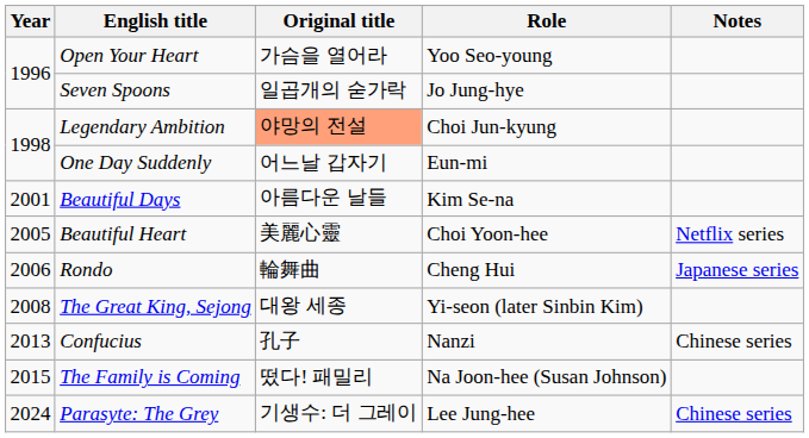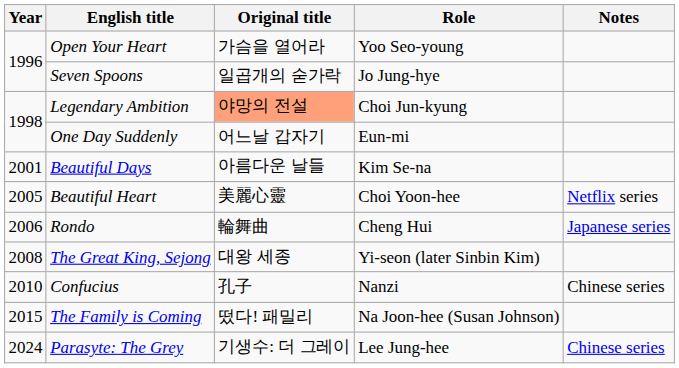 <table class="wikitable sortable">
 <tr>
 <th>Year</th>
 <th>English title</th>
 <th>Original title</th>
 <th>Role</th>
 <th>Notes</th>
 </tr>
 <tr>
 <td rowspan="2">1996</td>
 <td><em>Open Your Heart</em></td>
 <td>가슴을 열어라</td>
 <td>Yoo Seo-young</td>
 <td></td>
 </tr>
 <tr>
 <td><em>Seven Spoons</em></td>
 <td>일곱개의 숟가락</td>
 <td>Jo Jung-hye</td>
 <td></td>
 </tr>
 <tr>
 <td rowspan="2'">1998</td>
 <td><em>Legendary Ambition</em></td>
 <td style="background: lightsalmon;">야망의 전설</td>
 <td>Choi Jun-kyung</td>
 <td></td>
 </tr>
 <tr>
 <td><em>One Day Suddenly</em></td>
 <td>어느날 갑자기</td>
 <td>Eun-mi</td>
 <td></td>
 </tr>
 <tr>
 <td>2001</td>
 <td><em><a href='#'>Beautiful Days</a></em></td>
 <td>아름다운 날들</td>
 <td>Kim Se-na</td>
 <td></td>
 </tr>
 <tr>
 <td>2005</td>
 <td><em>Beautiful Heart</em> </td>
 <td>美麗心靈</td>
 <td>Choi Yoon-hee</td>
 <td><a href='#'>Netflix</a> series</td>
 </tr>
 <tr>
 <td>2006</td>
 <td><em>Rondo</em> </td>
 <td>輪舞曲</td>
 <td>Cheng Hui</td>
 <td><a href='#'>Japanese series</a></td>
 </tr>
 <tr>
 <td>2008</td>
 <td><em><a href='#'>The Great King, Sejong</a></em></td>
 <td>대왕 세종</td>
 <td>Yi-seon (later Sinbin Kim)</td>
 <td></td>
 </tr>
 <tr>
-<td>2013</td>
+<td>2010</td>
 <td><em>Confucius</em> </td>
 <td>孔子</td>
 <td>Nanzi</td>
 <td>Chinese series</td>
 </tr>
 <tr>
 <td>2015</td>
 <td><em><a href='#'>The Family is Coming</a></em></td>
 <td>떴다! 패밀리</td>
 <td>Na Joon-hee (Susan Johnson)</td>
 <td></td>
 </tr>
 <tr>
 <td>2024</td>
 <td><em><a href='#'>Parasyte: The Grey</a></em></td>
 <td>기생수: 더 그레이</td>
 <td>Lee Jung-hee</td>
 <td><a href='#'>Chinese series</a></td>
 </tr>
 </table>
